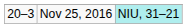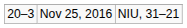 <table class="wikitable">
 <tr align="center">
 </tr>
 <tr align="center">
 <td>20–3</td>
 <td>Nov 25, 2016</td>
-<td style="background: paleturquoise;">NIU, 31–21</td>
+<td>NIU, 31–21</td>
 </tr>
 </table>
